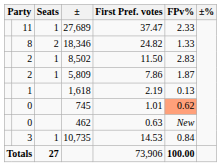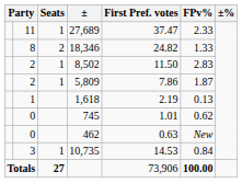 <table class=wikitable>
 <tr>
 <th colspan=2 align=center>Party</th>
 <th valign=top>Seats</th>
 <th valign=top>±</th>
 <th valign=top>First Pref. votes</th>
 <th valign=top>FPv%</th>
 <th valign=top>±%</th>
 </tr>
 <tr>
 <td></td>
 <td align=right>11</td>
 <td align=right> 1</td>
 <td align=right>27,689</td>
 <td align=right>37.47</td>
 <td align=right>2.33</td>
 </tr>
 <tr>
 <td></td>
 <td align=right>8</td>
 <td align=right> 2</td>
 <td align=right>18,346</td>
 <td align=right>24.82</td>
 <td align=right>1.33</td>
 </tr>
 <tr>
 <td></td>
 <td align=right>2</td>
 <td align=right> 1</td>
 <td align=right>8,502</td>
 <td align=right>11.50</td>
 <td align=right>2.83</td>
 </tr>
 <tr>
 <td></td>
 <td align=right>2</td>
 <td align=right> 1</td>
 <td align=right>5,809</td>
 <td align=right>7.86</td>
 <td align=right>1.87</td>
 </tr>
 <tr>
 <td></td>
 <td align=right>1</td>
 <td align=right></td>
 <td align=right>1,618</td>
 <td align=right>2.19</td>
 <td align=right>0.13</td>
 </tr>
 <tr>
 <td></td>
 <td align=right>0</td>
 <td align=right></td>
 <td align=right>745</td>
 <td align=right>1.01</td>
-<td align=right style="background: lightsalmon;">0.62</td>
+<td align=right>0.62</td>
 </tr>
 <tr>
 <td></td>
 <td align=right>0</td>
 <td align=right></td>
 <td align=right>462</td>
 <td align=right>0.63</td>
 <td align=right><em>New</em></td>
 </tr>
 <tr>
 <td></td>
 <td align=right>3</td>
 <td align=right> 1</td>
 <td align=right>10,735</td>
 <td align=right>14.53</td>
 <td align=right>0.84</td>
 </tr>
 <tr>
 <td colspan=2 align=center><strong>Totals</strong></td>
 <td align=right><strong>27</strong></td>
 <td align=center></td>
 <td align=right>73,906</td>
 <td align=center><strong>100.00</strong></td>
 <td align=center></td>
 </tr>
 </table>
